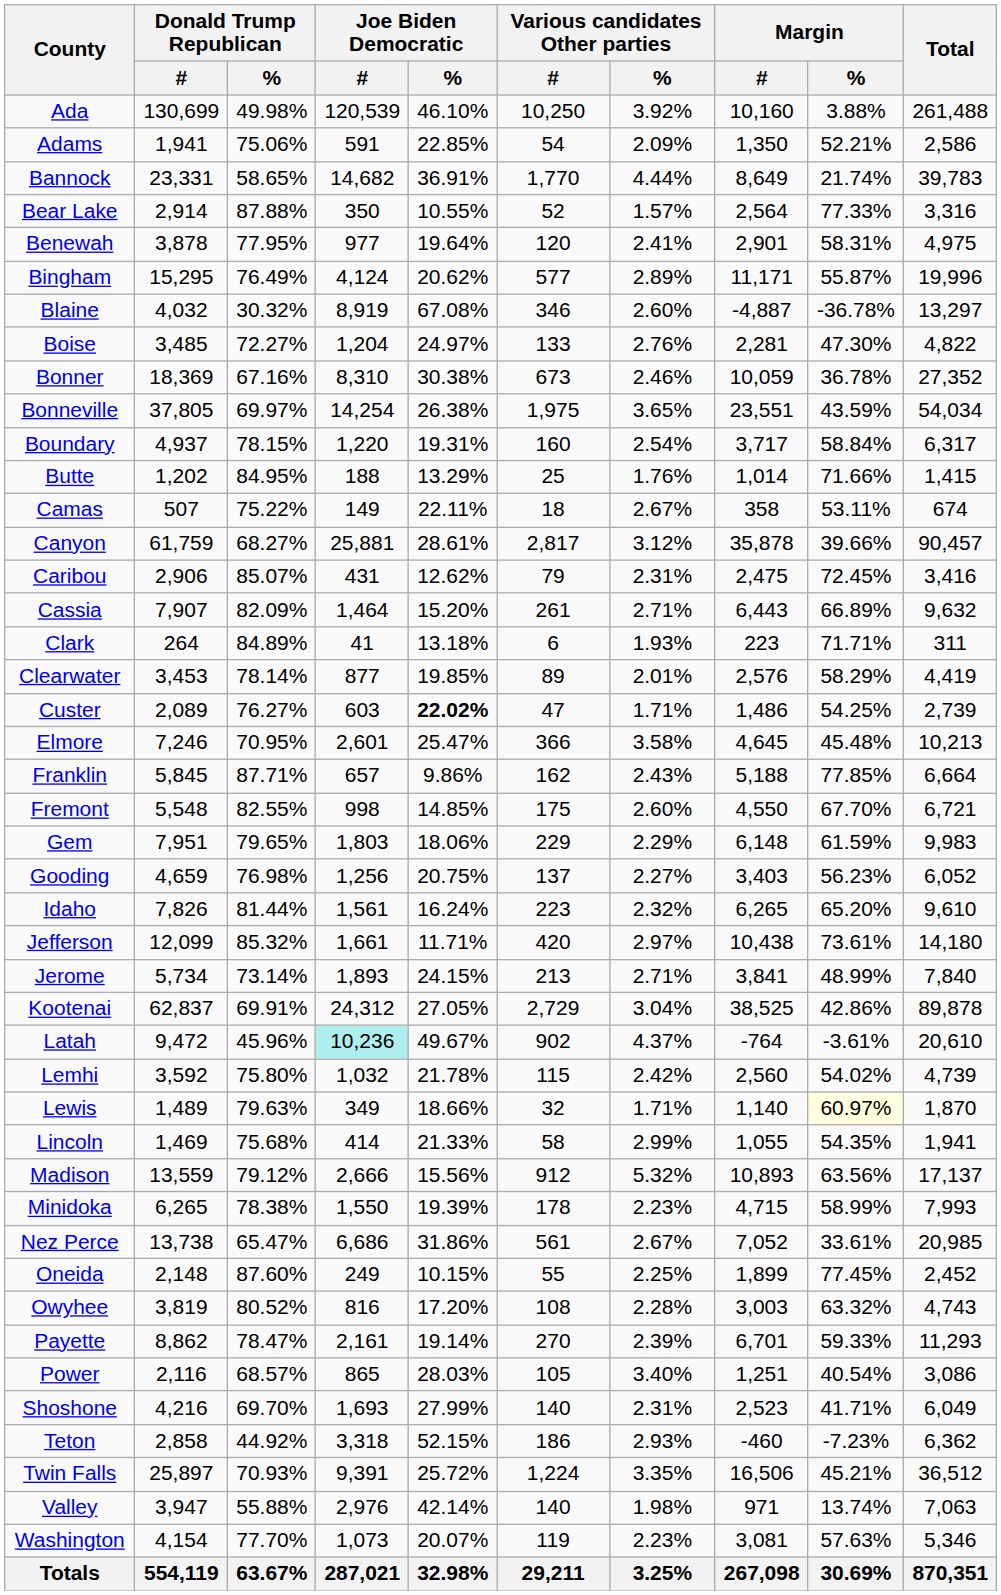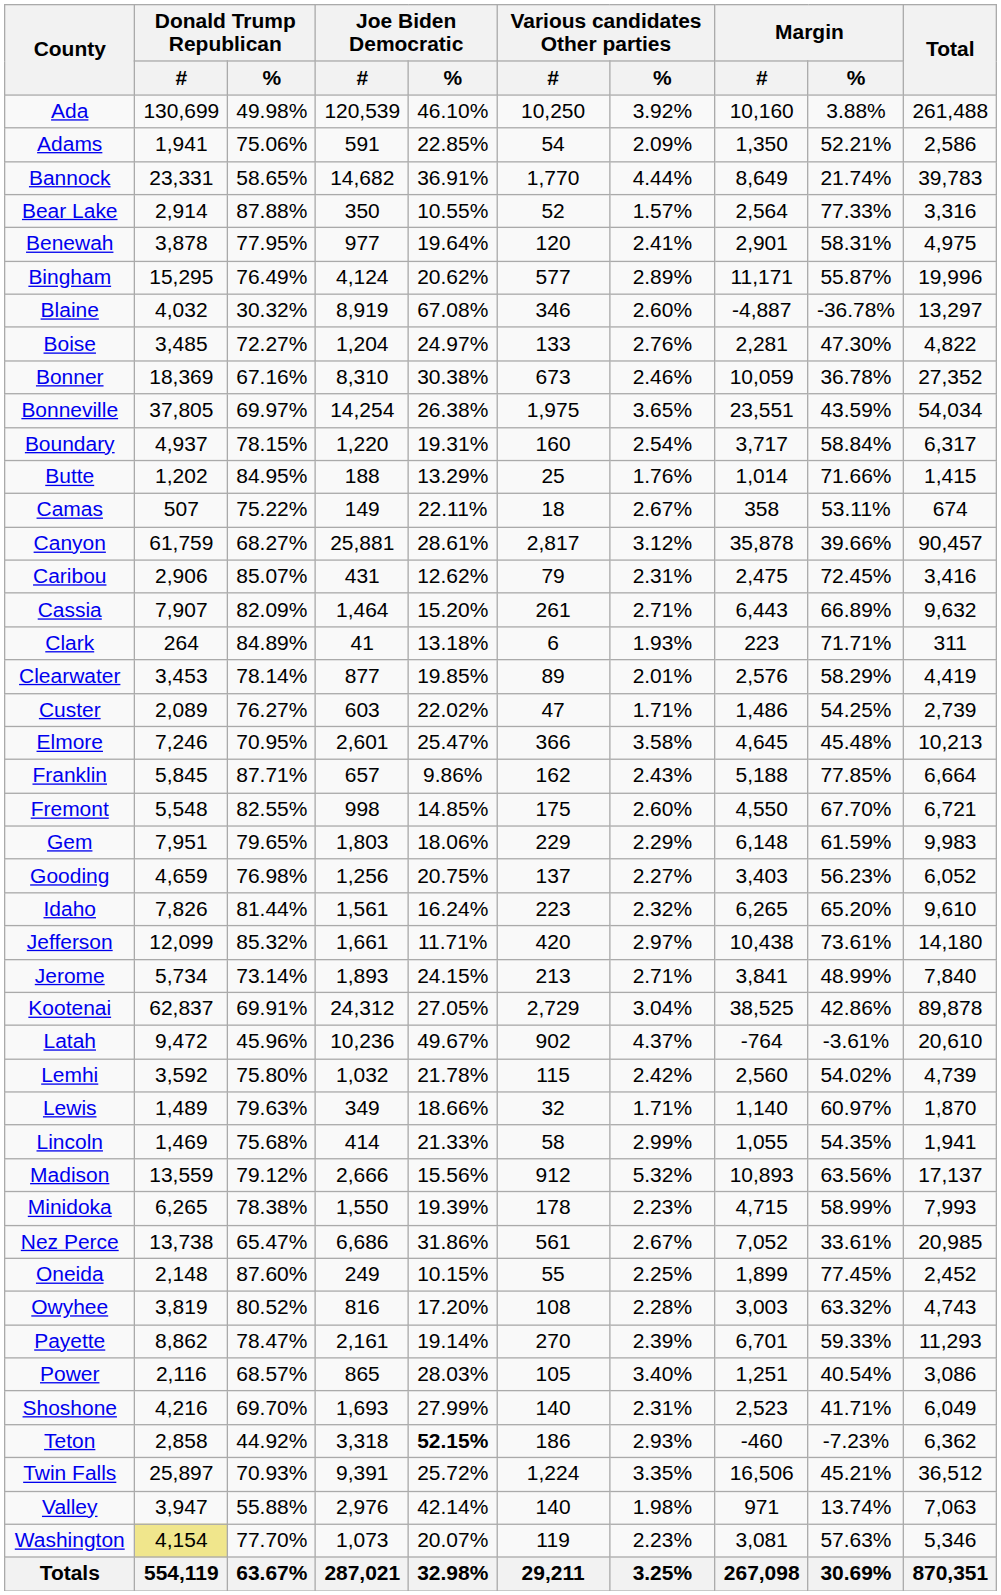 <table width="60%" class="wikitable sortable">
 <tr>
 <th rowspan="2">County</th>
 <th colspan="2">Donald Trump<br>Republican</th>
 <th colspan="2">Joe Biden<br>Democratic</th>
 <th colspan="2">Various candidates<br>Other parties</th>
 <th colspan="2">Margin</th>
 <th rowspan="2">Total</th>
 </tr>
 <tr>
 <th style="text-align:center;" data-sort-type="number">#</th>
 <th style="text-align:center;" data-sort-type="number">%</th>
 <th style="text-align:center;" data-sort-type="number">#</th>
 <th style="text-align:center;" data-sort-type="number">%</th>
 <th style="text-align:center;" data-sort-type="number">#</th>
 <th style="text-align:center;" data-sort-type="number">%</th>
 <th style="text-align:center;" data-sort-type="number">#</th>
 <th style="text-align:center;" data-sort-type="number">%</th>
 </tr>
 <tr style="text-align:center;">
 <td><a href='#'>Ada</a></td>
 <td>130,699</td>
 <td>49.98%</td>
 <td>120,539</td>
 <td>46.10%</td>
 <td>10,250</td>
 <td>3.92%</td>
 <td>10,160</td>
 <td>3.88%</td>
 <td>261,488</td>
 </tr>
 <tr style="text-align:center;">
 <td><a href='#'>Adams</a></td>
 <td>1,941</td>
 <td>75.06%</td>
 <td>591</td>
 <td>22.85%</td>
 <td>54</td>
 <td>2.09%</td>
 <td>1,350</td>
 <td>52.21%</td>
 <td>2,586</td>
 </tr>
 <tr style="text-align:center;">
 <td><a href='#'>Bannock</a></td>
 <td>23,331</td>
 <td>58.65%</td>
 <td>14,682</td>
 <td>36.91%</td>
 <td>1,770</td>
 <td>4.44%</td>
 <td>8,649</td>
 <td>21.74%</td>
 <td>39,783</td>
 </tr>
 <tr style="text-align:center;">
 <td><a href='#'>Bear Lake</a></td>
 <td>2,914</td>
 <td>87.88%</td>
 <td>350</td>
 <td>10.55%</td>
 <td>52</td>
 <td>1.57%</td>
 <td>2,564</td>
 <td>77.33%</td>
 <td>3,316</td>
 </tr>
 <tr style="text-align:center;">
 <td><a href='#'>Benewah</a></td>
 <td>3,878</td>
 <td>77.95%</td>
 <td>977</td>
 <td>19.64%</td>
 <td>120</td>
 <td>2.41%</td>
 <td>2,901</td>
 <td>58.31%</td>
 <td>4,975</td>
 </tr>
 <tr style="text-align:center;">
 <td><a href='#'>Bingham</a></td>
 <td>15,295</td>
 <td>76.49%</td>
 <td>4,124</td>
 <td>20.62%</td>
 <td>577</td>
 <td>2.89%</td>
 <td>11,171</td>
 <td>55.87%</td>
 <td>19,996</td>
 </tr>
 <tr style="text-align:center;">
 <td><a href='#'>Blaine</a></td>
 <td>4,032</td>
 <td>30.32%</td>
 <td>8,919</td>
 <td>67.08%</td>
 <td>346</td>
 <td>2.60%</td>
 <td>-4,887</td>
 <td>-36.78%</td>
 <td>13,297</td>
 </tr>
 <tr style="text-align:center;">
 <td><a href='#'>Boise</a></td>
 <td>3,485</td>
 <td>72.27%</td>
 <td>1,204</td>
 <td>24.97%</td>
 <td>133</td>
 <td>2.76%</td>
 <td>2,281</td>
 <td>47.30%</td>
 <td>4,822</td>
 </tr>
 <tr style="text-align:center;">
 <td><a href='#'>Bonner</a></td>
 <td>18,369</td>
 <td>67.16%</td>
 <td>8,310</td>
 <td>30.38%</td>
 <td>673</td>
 <td>2.46%</td>
 <td>10,059</td>
 <td>36.78%</td>
 <td>27,352</td>
 </tr>
 <tr style="text-align:center;">
 <td><a href='#'>Bonneville</a></td>
 <td>37,805</td>
 <td>69.97%</td>
 <td>14,254</td>
 <td>26.38%</td>
 <td>1,975</td>
 <td>3.65%</td>
 <td>23,551</td>
 <td>43.59%</td>
 <td>54,034</td>
 </tr>
 <tr style="text-align:center;">
 <td><a href='#'>Boundary</a></td>
 <td>4,937</td>
 <td>78.15%</td>
 <td>1,220</td>
 <td>19.31%</td>
 <td>160</td>
 <td>2.54%</td>
 <td>3,717</td>
 <td>58.84%</td>
 <td>6,317</td>
 </tr>
 <tr style="text-align:center;">
 <td><a href='#'>Butte</a></td>
 <td>1,202</td>
 <td>84.95%</td>
 <td>188</td>
 <td>13.29%</td>
 <td>25</td>
 <td>1.76%</td>
 <td>1,014</td>
 <td>71.66%</td>
 <td>1,415</td>
 </tr>
 <tr style="text-align:center;">
 <td><a href='#'>Camas</a></td>
 <td>507</td>
 <td>75.22%</td>
 <td>149</td>
 <td>22.11%</td>
 <td>18</td>
 <td>2.67%</td>
 <td>358</td>
 <td>53.11%</td>
 <td>674</td>
 </tr>
 <tr style="text-align:center;">
 <td><a href='#'>Canyon</a></td>
 <td>61,759</td>
 <td>68.27%</td>
 <td>25,881</td>
 <td>28.61%</td>
 <td>2,817</td>
 <td>3.12%</td>
 <td>35,878</td>
 <td>39.66%</td>
 <td>90,457</td>
 </tr>
 <tr style="text-align:center;">
 <td><a href='#'>Caribou</a></td>
 <td>2,906</td>
 <td>85.07%</td>
 <td>431</td>
 <td>12.62%</td>
 <td>79</td>
 <td>2.31%</td>
 <td>2,475</td>
 <td>72.45%</td>
 <td>3,416</td>
 </tr>
 <tr style="text-align:center;">
 <td><a href='#'>Cassia</a></td>
 <td>7,907</td>
 <td>82.09%</td>
 <td>1,464</td>
 <td>15.20%</td>
 <td>261</td>
 <td>2.71%</td>
 <td>6,443</td>
 <td>66.89%</td>
 <td>9,632</td>
 </tr>
 <tr style="text-align:center;">
 <td><a href='#'>Clark</a></td>
 <td>264</td>
 <td>84.89%</td>
 <td>41</td>
 <td>13.18%</td>
 <td>6</td>
 <td>1.93%</td>
 <td>223</td>
 <td>71.71%</td>
 <td>311</td>
 </tr>
 <tr style="text-align:center;">
 <td><a href='#'>Clearwater</a></td>
 <td>3,453</td>
 <td>78.14%</td>
 <td>877</td>
 <td>19.85%</td>
 <td>89</td>
 <td>2.01%</td>
 <td>2,576</td>
 <td>58.29%</td>
 <td>4,419</td>
 </tr>
 <tr style="text-align:center;">
 <td><a href='#'>Custer</a></td>
 <td>2,089</td>
 <td>76.27%</td>
 <td>603</td>
-<td><strong>22.02%</strong></td>
+<td>22.02%</td>
 <td>47</td>
 <td>1.71%</td>
 <td>1,486</td>
 <td>54.25%</td>
 <td>2,739</td>
 </tr>
 <tr style="text-align:center;">
 <td><a href='#'>Elmore</a></td>
 <td>7,246</td>
 <td>70.95%</td>
 <td>2,601</td>
 <td>25.47%</td>
 <td>366</td>
 <td>3.58%</td>
 <td>4,645</td>
 <td>45.48%</td>
 <td>10,213</td>
 </tr>
 <tr style="text-align:center;">
 <td><a href='#'>Franklin</a></td>
 <td>5,845</td>
 <td>87.71%</td>
 <td>657</td>
 <td>9.86%</td>
 <td>162</td>
 <td>2.43%</td>
 <td>5,188</td>
 <td>77.85%</td>
 <td>6,664</td>
 </tr>
 <tr style="text-align:center;">
 <td><a href='#'>Fremont</a></td>
 <td>5,548</td>
 <td>82.55%</td>
 <td>998</td>
 <td>14.85%</td>
 <td>175</td>
 <td>2.60%</td>
 <td>4,550</td>
 <td>67.70%</td>
 <td>6,721</td>
 </tr>
 <tr style="text-align:center;">
 <td><a href='#'>Gem</a></td>
 <td>7,951</td>
 <td>79.65%</td>
 <td>1,803</td>
 <td>18.06%</td>
 <td>229</td>
 <td>2.29%</td>
 <td>6,148</td>
 <td>61.59%</td>
 <td>9,983</td>
 </tr>
 <tr style="text-align:center;">
 <td><a href='#'>Gooding</a></td>
 <td>4,659</td>
 <td>76.98%</td>
 <td>1,256</td>
 <td>20.75%</td>
 <td>137</td>
 <td>2.27%</td>
 <td>3,403</td>
 <td>56.23%</td>
 <td>6,052</td>
 </tr>
 <tr style="text-align:center;">
 <td><a href='#'>Idaho</a></td>
 <td>7,826</td>
 <td>81.44%</td>
 <td>1,561</td>
 <td>16.24%</td>
 <td>223</td>
 <td>2.32%</td>
 <td>6,265</td>
 <td>65.20%</td>
 <td>9,610</td>
 </tr>
 <tr style="text-align:center;">
 <td><a href='#'>Jefferson</a></td>
 <td>12,099</td>
 <td>85.32%</td>
 <td>1,661</td>
 <td>11.71%</td>
 <td>420</td>
 <td>2.97%</td>
 <td>10,438</td>
 <td>73.61%</td>
 <td>14,180</td>
 </tr>
 <tr style="text-align:center;">
 <td><a href='#'>Jerome</a></td>
 <td>5,734</td>
 <td>73.14%</td>
 <td>1,893</td>
 <td>24.15%</td>
 <td>213</td>
 <td>2.71%</td>
 <td>3,841</td>
 <td>48.99%</td>
 <td>7,840</td>
 </tr>
 <tr style="text-align:center;">
 <td><a href='#'>Kootenai</a></td>
 <td>62,837</td>
 <td>69.91%</td>
 <td>24,312</td>
 <td>27.05%</td>
 <td>2,729</td>
 <td>3.04%</td>
 <td>38,525</td>
 <td>42.86%</td>
 <td>89,878</td>
 </tr>
 <tr style="text-align:center;">
 <td><a href='#'>Latah</a></td>
 <td>9,472</td>
 <td>45.96%</td>
-<td style="background: paleturquoise;">10,236</td>
+<td>10,236</td>
 <td>49.67%</td>
 <td>902</td>
 <td>4.37%</td>
 <td>-764</td>
 <td>-3.61%</td>
 <td>20,610</td>
 </tr>
 <tr style="text-align:center;">
 <td><a href='#'>Lemhi</a></td>
 <td>3,592</td>
 <td>75.80%</td>
 <td>1,032</td>
 <td>21.78%</td>
 <td>115</td>
 <td>2.42%</td>
 <td>2,560</td>
 <td>54.02%</td>
 <td>4,739</td>
 </tr>
 <tr style="text-align:center;">
 <td><a href='#'>Lewis</a></td>
 <td>1,489</td>
 <td>79.63%</td>
 <td>349</td>
 <td>18.66%</td>
 <td>32</td>
 <td>1.71%</td>
 <td>1,140</td>
-<td style="background: lightyellow;">60.97%</td>
+<td>60.97%</td>
 <td>1,870</td>
 </tr>
 <tr style="text-align:center;">
 <td><a href='#'>Lincoln</a></td>
 <td>1,469</td>
 <td>75.68%</td>
 <td>414</td>
 <td>21.33%</td>
 <td>58</td>
 <td>2.99%</td>
 <td>1,055</td>
 <td>54.35%</td>
 <td>1,941</td>
 </tr>
 <tr style="text-align:center;">
 <td><a href='#'>Madison</a></td>
 <td>13,559</td>
 <td>79.12%</td>
 <td>2,666</td>
 <td>15.56%</td>
 <td>912</td>
 <td>5.32%</td>
 <td>10,893</td>
 <td>63.56%</td>
 <td>17,137</td>
 </tr>
 <tr style="text-align:center;">
 <td><a href='#'>Minidoka</a></td>
 <td>6,265</td>
 <td>78.38%</td>
 <td>1,550</td>
 <td>19.39%</td>
 <td>178</td>
 <td>2.23%</td>
 <td>4,715</td>
 <td>58.99%</td>
 <td>7,993</td>
 </tr>
 <tr style="text-align:center;">
 <td><a href='#'>Nez Perce</a></td>
 <td>13,738</td>
 <td>65.47%</td>
 <td>6,686</td>
 <td>31.86%</td>
 <td>561</td>
 <td>2.67%</td>
 <td>7,052</td>
 <td>33.61%</td>
 <td>20,985</td>
 </tr>
 <tr style="text-align:center;">
 <td><a href='#'>Oneida</a></td>
 <td>2,148</td>
 <td>87.60%</td>
 <td>249</td>
 <td>10.15%</td>
 <td>55</td>
 <td>2.25%</td>
 <td>1,899</td>
 <td>77.45%</td>
 <td>2,452</td>
 </tr>
 <tr style="text-align:center;">
 <td><a href='#'>Owyhee</a></td>
 <td>3,819</td>
 <td>80.52%</td>
 <td>816</td>
 <td>17.20%</td>
 <td>108</td>
 <td>2.28%</td>
 <td>3,003</td>
 <td>63.32%</td>
 <td>4,743</td>
 </tr>
 <tr style="text-align:center;">
 <td><a href='#'>Payette</a></td>
 <td>8,862</td>
 <td>78.47%</td>
 <td>2,161</td>
 <td>19.14%</td>
 <td>270</td>
 <td>2.39%</td>
 <td>6,701</td>
 <td>59.33%</td>
 <td>11,293</td>
 </tr>
 <tr style="text-align:center;">
 <td><a href='#'>Power</a></td>
 <td>2,116</td>
 <td>68.57%</td>
 <td>865</td>
 <td>28.03%</td>
 <td>105</td>
 <td>3.40%</td>
 <td>1,251</td>
 <td>40.54%</td>
 <td>3,086</td>
 </tr>
 <tr style="text-align:center;">
 <td><a href='#'>Shoshone</a></td>
 <td>4,216</td>
 <td>69.70%</td>
 <td>1,693</td>
 <td>27.99%</td>
 <td>140</td>
 <td>2.31%</td>
 <td>2,523</td>
 <td>41.71%</td>
 <td>6,049</td>
 </tr>
 <tr style="text-align:center;">
 <td><a href='#'>Teton</a></td>
 <td>2,858</td>
 <td>44.92%</td>
 <td>3,318</td>
-<td>52.15%</td>
+<td><strong>52.15%</strong></td>
 <td>186</td>
 <td>2.93%</td>
 <td>-460</td>
 <td>-7.23%</td>
 <td>6,362</td>
 </tr>
 <tr style="text-align:center;">
 <td><a href='#'>Twin Falls</a></td>
 <td>25,897</td>
 <td>70.93%</td>
 <td>9,391</td>
 <td>25.72%</td>
 <td>1,224</td>
 <td>3.35%</td>
 <td>16,506</td>
 <td>45.21%</td>
 <td>36,512</td>
 </tr>
 <tr style="text-align:center;">
 <td><a href='#'>Valley</a></td>
 <td>3,947</td>
 <td>55.88%</td>
 <td>2,976</td>
 <td>42.14%</td>
 <td>140</td>
 <td>1.98%</td>
 <td>971</td>
 <td>13.74%</td>
 <td>7,063</td>
 </tr>
 <tr style="text-align:center;">
 <td><a href='#'>Washington</a></td>
-<td>4,154</td>
+<td style="background: khaki;">4,154</td>
 <td>77.70%</td>
 <td>1,073</td>
 <td>20.07%</td>
 <td>119</td>
 <td>2.23%</td>
 <td>3,081</td>
 <td>57.63%</td>
 <td>5,346</td>
 </tr>
 <tr>
 <th>Totals</th>
 <th>554,119</th>
 <th>63.67%</th>
 <th>287,021</th>
 <th>32.98%</th>
 <th>29,211</th>
 <th>3.25%</th>
 <th>267,098</th>
 <th>30.69%</th>
 <th>870,351</th>
 </tr>
 </table>
